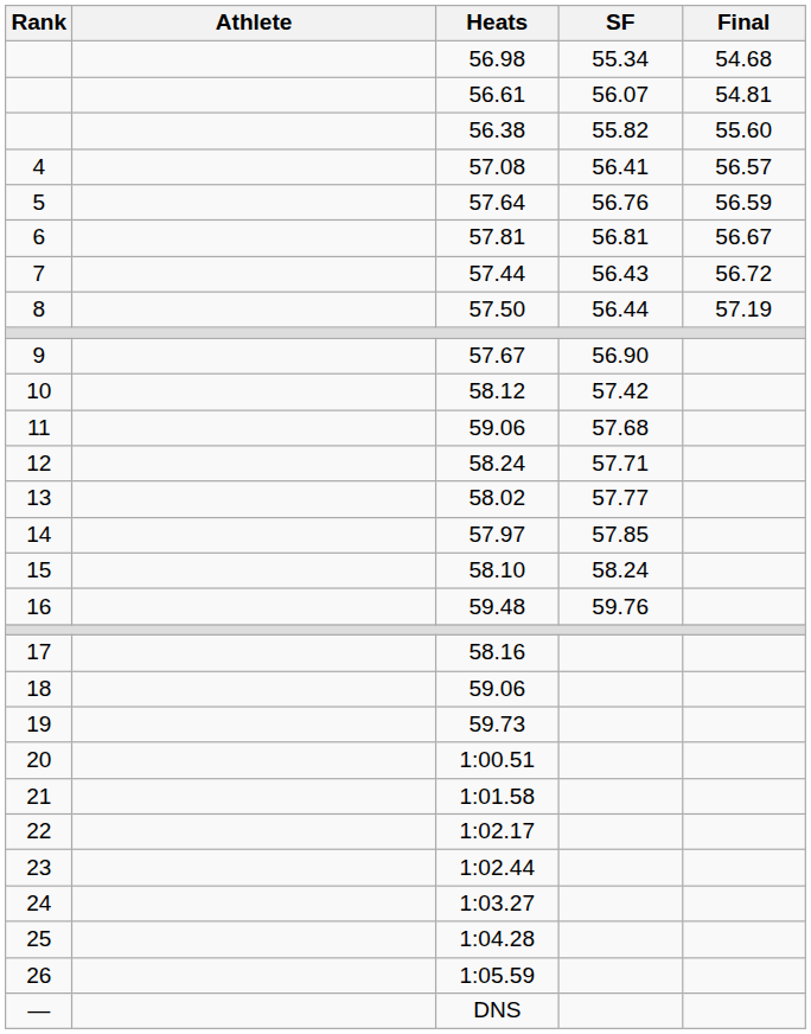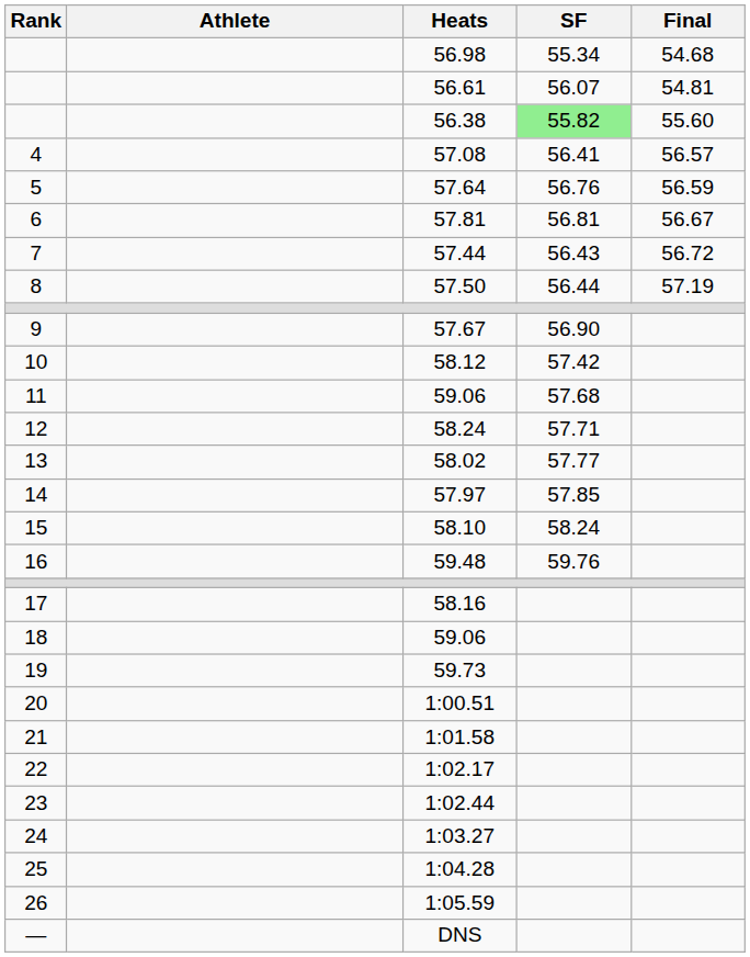 <table class=wikitable style="text-align:center">
 <tr>
 <th width=40>Rank</th>
 <th width=250>Athlete</th>
 <th width=80>Heats</th>
 <th width=80>SF</th>
 <th width=80>Final</th>
 </tr>
 <tr>
 <td></td>
 <td align=left></td>
 <td>56.98</td>
 <td>55.34</td>
 <td>54.68</td>
 </tr>
 <tr>
 <td></td>
 <td align=left></td>
 <td>56.61</td>
 <td>56.07</td>
 <td>54.81</td>
 </tr>
 <tr>
 <td></td>
 <td align=left></td>
 <td>56.38</td>
-<td>55.82</td>
+<td style="background: lightgreen;">55.82</td>
 <td>55.60</td>
 </tr>
 <tr>
 <td>4</td>
 <td align=left></td>
 <td>57.08</td>
 <td>56.41</td>
 <td>56.57</td>
 </tr>
 <tr>
 <td>5</td>
 <td align=left></td>
 <td>57.64</td>
 <td>56.76</td>
 <td>56.59</td>
 </tr>
 <tr>
 <td>6</td>
 <td align=left></td>
 <td>57.81</td>
 <td>56.81</td>
 <td>56.67</td>
 </tr>
 <tr>
 <td>7</td>
 <td align=left></td>
 <td>57.44</td>
 <td>56.43</td>
 <td>56.72</td>
 </tr>
 <tr>
 <td>8</td>
 <td align=left></td>
 <td>57.50</td>
 <td>56.44</td>
 <td>57.19</td>
 </tr>
 <tr bgcolor=#DDDDDD>
 <td colspan=5></td>
 </tr>
 <tr>
 <td>9</td>
 <td align=left></td>
 <td>57.67</td>
 <td>56.90</td>
 <td></td>
 </tr>
 <tr>
 <td>10</td>
 <td align=left></td>
 <td>58.12</td>
 <td>57.42</td>
 <td></td>
 </tr>
 <tr>
 <td>11</td>
 <td align=left></td>
 <td>59.06</td>
 <td>57.68</td>
 <td></td>
 </tr>
 <tr>
 <td>12</td>
 <td align=left></td>
 <td>58.24</td>
 <td>57.71</td>
 <td></td>
 </tr>
 <tr>
 <td>13</td>
 <td align=left></td>
 <td>58.02</td>
 <td>57.77</td>
 <td></td>
 </tr>
 <tr>
 <td>14</td>
 <td align=left></td>
 <td>57.97</td>
 <td>57.85</td>
 <td></td>
 </tr>
 <tr>
 <td>15</td>
 <td align=left></td>
 <td>58.10</td>
 <td>58.24</td>
 <td></td>
 </tr>
 <tr>
 <td>16</td>
 <td align=left></td>
 <td>59.48 </td>
 <td>59.76</td>
 <td></td>
 </tr>
 <tr bgcolor=#DDDDDD>
 <td colspan=5></td>
 </tr>
 <tr>
 <td>17</td>
 <td align=left></td>
 <td>58.16 </td>
 <td></td>
 <td></td>
 </tr>
 <tr>
 <td>18</td>
 <td align=left></td>
 <td>59.06</td>
 <td></td>
 <td></td>
 </tr>
 <tr>
 <td>19</td>
 <td align=left></td>
 <td>59.73</td>
 <td></td>
 <td></td>
 </tr>
 <tr>
 <td>20</td>
 <td align=left></td>
 <td>1:00.51</td>
 <td></td>
 <td></td>
 </tr>
 <tr>
 <td>21</td>
 <td align=left></td>
 <td>1:01.58</td>
 <td></td>
 <td></td>
 </tr>
 <tr>
 <td>22</td>
 <td align=left></td>
 <td>1:02.17</td>
 <td></td>
 <td></td>
 </tr>
 <tr>
 <td>23</td>
 <td align=left></td>
 <td>1:02.44</td>
 <td></td>
 <td></td>
 </tr>
 <tr>
 <td>24</td>
 <td align=left></td>
 <td>1:03.27</td>
 <td></td>
 <td></td>
 </tr>
 <tr>
 <td>25</td>
 <td align=left></td>
 <td>1:04.28</td>
 <td></td>
 <td></td>
 </tr>
 <tr>
 <td>26</td>
 <td align=left></td>
 <td>1:05.59</td>
 <td></td>
 <td></td>
 </tr>
 <tr>
 <td>—</td>
 <td align=left></td>
 <td>DNS</td>
 <td></td>
 <td></td>
 </tr>
 </table>
